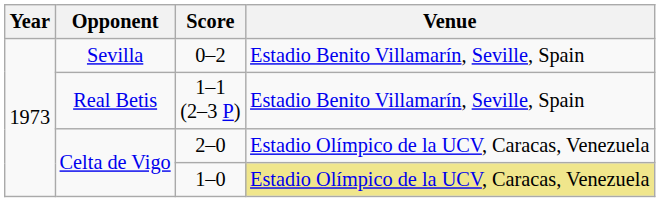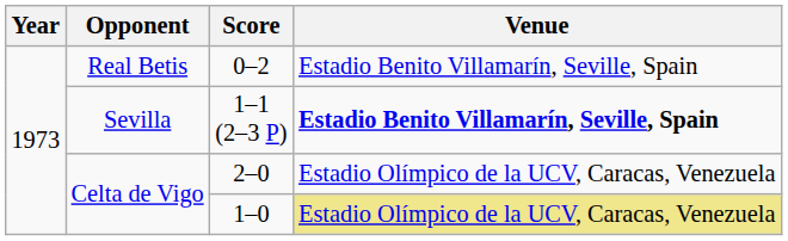 <table class="wikitable" style="font-size: 90%; text-align:left">
 <tr>
 <th>Year</th>
 <th>Opponent</th>
 <th>Score</th>
 <th>Venue</th>
 </tr>
 <tr>
 <td rowspan=4>1973</td>
-<td align=center> <a href='#'>Sevilla</a></td>
+<td align=center> <a href='#'>Real Betis</a></td>
 <td align=center>0–2</td>
 <td><a href='#'>Estadio Benito Villamarín</a>, <a href='#'>Seville</a>, Spain</td>
 </tr>
 <tr>
-<td align=center> <a href='#'>Real Betis</a></td>
+<td align=center> <a href='#'>Sevilla</a></td>
 <td align=center>1–1<br>(2–3 <a href='#'>P</a>)</td>
-<td><a href='#'>Estadio Benito Villamarín</a>, <a href='#'>Seville</a>, Spain</td>
+<td><strong><a href='#'>Estadio Benito Villamarín</a>, <a href='#'>Seville</a>, Spain</strong></td>
 </tr>
 <tr>
 <td align=center rowspan=2> <a href='#'>Celta de Vigo</a></td>
 <td align=center>2–0</td>
 <td> <a href='#'>Estadio Olímpico de la UCV</a>, Caracas, Venezuela</td>
 </tr>
 <tr>
 <td align=center>1–0</td>
 <td style="background: khaki;"> <a href='#'>Estadio Olímpico de la UCV</a>, Caracas, Venezuela</td>
 </tr>
 </table>
